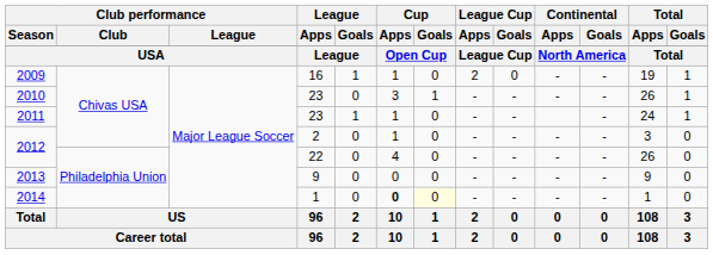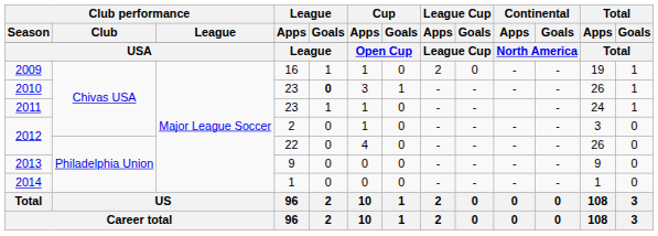 <table class="wikitable" style="text-align:center">
 <tr>
 <th colspan=3>Club performance</th>
 <th colspan=2>League</th>
 <th colspan=2>Cup</th>
 <th colspan=2>League Cup</th>
 <th colspan=2>Continental</th>
 <th colspan=2>Total</th>
 </tr>
 <tr>
 <th>Season</th>
 <th>Club</th>
 <th>League</th>
 <th>Apps</th>
 <th>Goals</th>
 <th>Apps</th>
 <th>Goals</th>
 <th>Apps</th>
 <th>Goals</th>
 <th>Apps</th>
 <th>Goals</th>
 <th>Apps</th>
 <th>Goals</th>
 </tr>
 <tr>
 </tr>
 <tr>
 <th colspan=3>USA</th>
 <th colspan=2>League</th>
 <th colspan=2><a href='#'>Open Cup</a></th>
 <th colspan=2>League Cup</th>
 <th colspan=2><a href='#'>North America</a></th>
 <th colspan=2>Total</th>
 </tr>
 <tr>
 <td><a href='#'>2009</a></td>
 <td rowspan="4"><a href='#'>Chivas USA</a></td>
 <td rowspan="7"><a href='#'>Major League Soccer</a></td>
 <td>16</td>
 <td>1</td>
 <td>1</td>
 <td>0</td>
 <td>2</td>
 <td>0</td>
 <td>-</td>
 <td>-</td>
 <td>19</td>
 <td>1</td>
 </tr>
 <tr>
 <td><a href='#'>2010</a></td>
 <td>23</td>
-<td>0</td>
+<td><strong>0</strong></td>
 <td>3</td>
 <td>1</td>
 <td>-</td>
 <td>-</td>
 <td>-</td>
 <td>-</td>
 <td>26</td>
 <td>1</td>
 </tr>
 <tr>
 <td><a href='#'>2011</a></td>
 <td>23</td>
 <td>1</td>
 <td>1</td>
 <td>0</td>
 <td>-</td>
 <td>-</td>
 <td></td>
 <td>-</td>
 <td>24</td>
 <td>1</td>
 </tr>
 <tr>
 <td rowspan="2"><a href='#'>2012</a></td>
 <td>2</td>
 <td>0</td>
 <td>1</td>
 <td>0</td>
 <td>-</td>
 <td>-</td>
 <td>-</td>
 <td>-</td>
 <td>3</td>
 <td>0</td>
 </tr>
 <tr>
 <td rowspan="3"><a href='#'>Philadelphia Union</a></td>
 <td>22</td>
 <td>0</td>
 <td>4</td>
 <td>0</td>
 <td>-</td>
 <td>-</td>
 <td>-</td>
 <td>-</td>
 <td>26</td>
 <td>0</td>
 </tr>
 <tr>
 <td><a href='#'>2013</a></td>
 <td>9</td>
 <td>0</td>
 <td>0</td>
 <td>0</td>
 <td>-</td>
 <td>-</td>
 <td>-</td>
 <td>-</td>
 <td>9</td>
 <td>0</td>
 </tr>
 <tr>
 <td><a href='#'>2014</a></td>
 <td>1</td>
 <td>0</td>
-<td><strong>0</strong></td>
-<td style="background: lightyellow;">0</td>
+<td>0</td>
+<td>0</td>
 <td>-</td>
 <td>-</td>
 <td>-</td>
 <td>-</td>
 <td>1</td>
 <td>0</td>
 </tr>
 <tr>
 <th rowspan=1>Total</th>
 <th colspan=2>US</th>
 <th>96</th>
 <th>2</th>
 <th>10</th>
 <th>1</th>
 <th>2</th>
 <th>0</th>
 <th>0</th>
 <th>0</th>
 <th>108</th>
 <th>3</th>
 </tr>
 <tr>
 <th colspan=3>Career total</th>
 <th>96</th>
 <th>2</th>
 <th>10</th>
 <th>1</th>
 <th>2</th>
 <th>0</th>
 <th>0</th>
 <th>0</th>
 <th>108</th>
 <th>3</th>
 </tr>
 </table>
